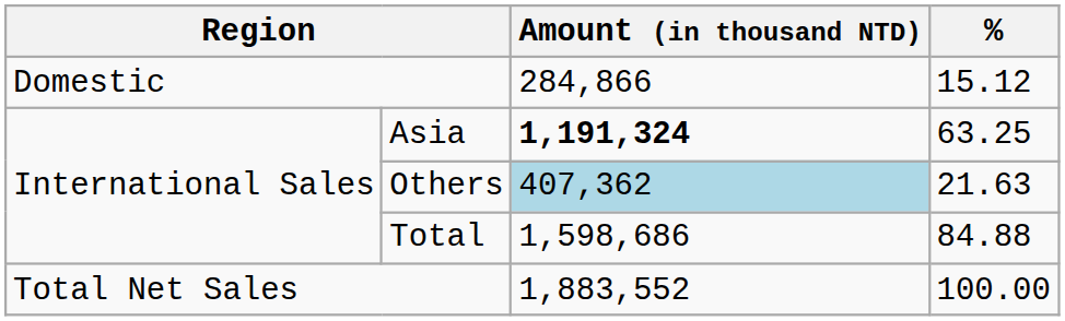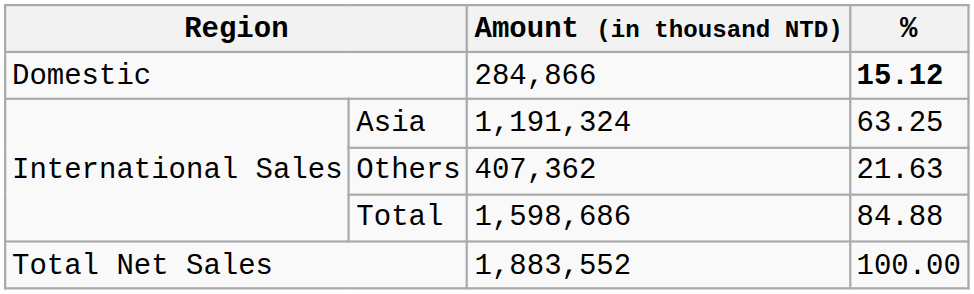 <table class="wikitable">
 <tr>
 <th colspan="2">Region</th>
 <th>Amount <small>(in thousand NTD)</small></th>
 <th>%</th>
 </tr>
 <tr>
 <td colspan="2">Domestic</td>
 <td>284,866</td>
-<td>15.12</td>
+<td><strong>15.12</strong></td>
 </tr>
 <tr>
 <td rowspan="3">International Sales</td>
 <td>Asia</td>
-<td><strong>1,191,324</strong></td>
+<td>1,191,324</td>
 <td>63.25</td>
 </tr>
 <tr>
 <td>Others</td>
-<td style="background: lightblue;">407,362</td>
+<td>407,362</td>
 <td>21.63</td>
 </tr>
 <tr>
 <td>Total</td>
 <td>1,598,686</td>
 <td>84.88</td>
 </tr>
 <tr>
 <td colspan="2">Total Net Sales</td>
 <td>1,883,552</td>
 <td>100.00</td>
 </tr>
 </table>
